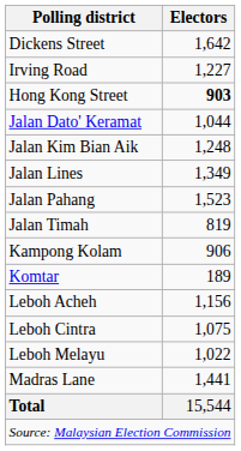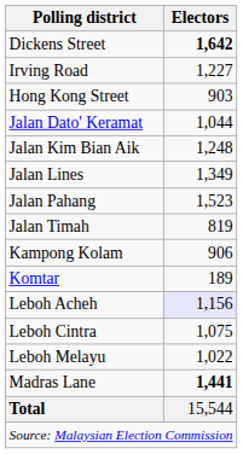 <table class="wikitable sortable">
 <tr>
 <th>Polling district</th>
 <th>Electors</th>
 </tr>
 <tr>
 <td>Dickens Street</td>
-<td align="right">1,642</td>
+<td align="right"><strong>1,642</strong></td>
 </tr>
 <tr>
 <td>Irving Road</td>
 <td align="right">1,227</td>
 </tr>
 <tr>
 <td>Hong Kong Street</td>
-<td align="right"><strong>903</strong></td>
+<td align="right">903</td>
 </tr>
 <tr>
 <td><a href='#'>Jalan Dato' Keramat</a></td>
 <td align="right">1,044</td>
 </tr>
 <tr>
 <td>Jalan Kim Bian Aik</td>
 <td align="right">1,248</td>
 </tr>
 <tr>
 <td>Jalan Lines</td>
 <td align="right">1,349</td>
 </tr>
 <tr>
 <td>Jalan Pahang</td>
 <td align="right">1,523</td>
 </tr>
 <tr>
 <td>Jalan Timah</td>
 <td align="right">819</td>
 </tr>
 <tr>
 <td>Kampong Kolam</td>
 <td align="right">906</td>
 </tr>
 <tr>
 <td><a href='#'>Komtar</a></td>
 <td align="right">189</td>
 </tr>
 <tr>
 <td>Leboh Acheh</td>
-<td align="right">1,156</td>
+<td align="right" style="background: lavender;">1,156</td>
 </tr>
 <tr>
 <td>Leboh Cintra</td>
 <td align="right">1,075</td>
 </tr>
 <tr>
 <td>Leboh Melayu</td>
 <td align="right">1,022</td>
 </tr>
 <tr>
 <td>Madras Lane</td>
-<td align="right">1,441</td>
+<td align="right"><strong>1,441</strong></td>
 </tr>
 <tr>
 <td style="background: #f2f2f2"><strong>Total</strong></td>
 <td style="background: #f2f2f2" align="right">15,544</td>
 </tr>
 <tr>
 <td colspan="2"  align="right"><small><em>Source: <a href='#'>Malaysian Election Commission</a></em></small></td>
 </tr>
 </table>
